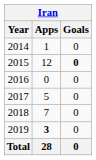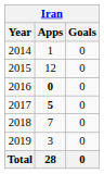 <table class="wikitable" style="text-align:center">
 <tr>
 <th colspan="3"><a href='#'>Iran</a></th>
 </tr>
 <tr>
 <th>Year</th>
 <th>Apps</th>
 <th>Goals</th>
 </tr>
 <tr>
 <td>2014</td>
 <td>1</td>
 <td>0</td>
 </tr>
 <tr>
 <td>2015</td>
 <td>12</td>
-<td><strong>0</strong></td>
+<td>0</td>
 </tr>
 <tr>
 <td>2016</td>
-<td>0</td>
+<td><strong>0</strong></td>
 <td>0</td>
 </tr>
 <tr>
 <td>2017</td>
-<td>5</td>
+<td><strong>5</strong></td>
 <td>0</td>
 </tr>
 <tr>
 <td>2018</td>
 <td>7</td>
 <td>0</td>
 </tr>
 <tr>
 <td>2019</td>
-<td><strong>3</strong></td>
+<td>3</td>
 <td>0</td>
 </tr>
 <tr>
 <th>Total</th>
 <th>28</th>
 <th>0</th>
 </tr>
 </table>
